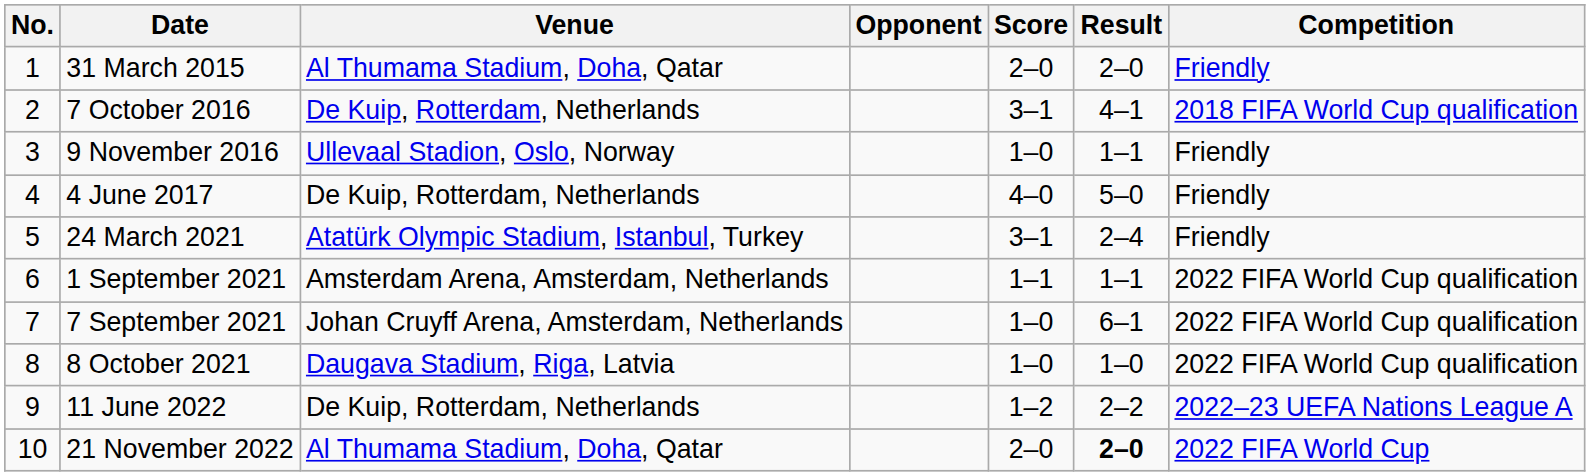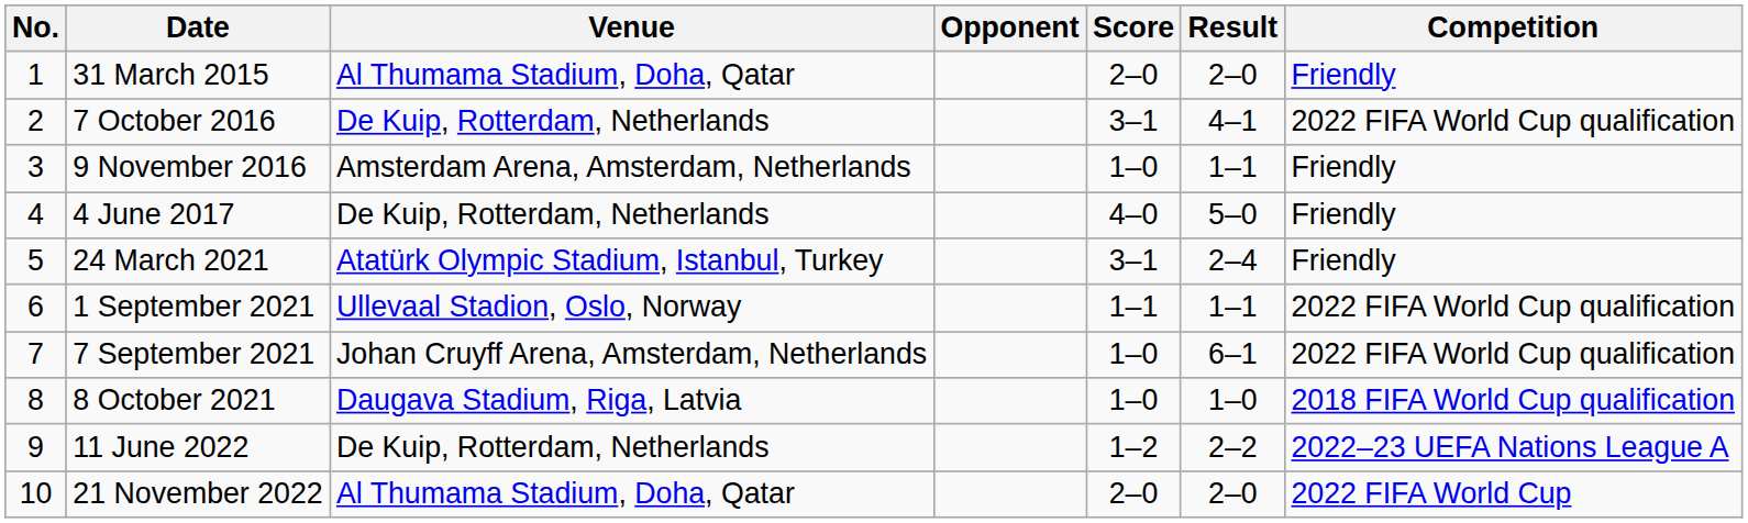 <table class="wikitable sortable">
 <tr>
 <th scope="col">No.</th>
 <th scope="col">Date</th>
 <th scope="col">Venue</th>
 <th scope="col">Opponent</th>
 <th scope="col">Score</th>
 <th scope="col">Result</th>
 <th scope="col">Competition</th>
 </tr>
 <tr>
 <td align="center">1</td>
 <td>31 March 2015</td>
 <td><a href='#'>Al Thumama Stadium</a>, <a href='#'>Doha</a>, Qatar</td>
 <td></td>
 <td align="center">2–0</td>
 <td align="center">2–0</td>
 <td><a href='#'>Friendly</a></td>
 </tr>
 <tr>
 <td align="center">2</td>
 <td>7 October 2016</td>
 <td><a href='#'>De Kuip</a>, <a href='#'>Rotterdam</a>, Netherlands</td>
 <td></td>
 <td align="center">3–1</td>
 <td align="center">4–1</td>
-<td><a href='#'>2018 FIFA World Cup qualification</a></td>
+<td>2022 FIFA World Cup qualification</td>
 </tr>
 <tr>
 <td align="center">3</td>
 <td>9 November 2016</td>
-<td><a href='#'>Ullevaal Stadion</a>, <a href='#'>Oslo</a>, Norway</td>
+<td>Amsterdam Arena, Amsterdam, Netherlands</td>
 <td></td>
 <td align="center">1–0</td>
 <td align="center">1–1</td>
 <td>Friendly</td>
 </tr>
 <tr>
 <td align="center">4</td>
 <td>4 June 2017</td>
 <td>De Kuip, Rotterdam, Netherlands</td>
 <td></td>
 <td align="center">4–0</td>
 <td align="center">5–0</td>
 <td>Friendly</td>
 </tr>
 <tr>
 <td align="center">5</td>
 <td>24 March 2021</td>
 <td><a href='#'>Atatürk Olympic Stadium</a>, <a href='#'>Istanbul</a>, Turkey</td>
 <td></td>
 <td align="center">3–1</td>
 <td align="center">2–4</td>
 <td>Friendly</td>
 </tr>
 <tr>
 <td align="center">6</td>
 <td>1 September 2021</td>
-<td>Amsterdam Arena, Amsterdam, Netherlands</td>
+<td><a href='#'>Ullevaal Stadion</a>, <a href='#'>Oslo</a>, Norway</td>
 <td></td>
 <td align="center">1–1</td>
 <td align="center">1–1</td>
 <td>2022 FIFA World Cup qualification</td>
 </tr>
 <tr>
 <td align="center">7</td>
 <td>7 September 2021</td>
 <td>Johan Cruyff Arena, Amsterdam, Netherlands</td>
 <td></td>
 <td align="center">1–0</td>
 <td align="center">6–1</td>
 <td>2022 FIFA World Cup qualification</td>
 </tr>
 <tr>
 <td align="center">8</td>
 <td>8 October 2021</td>
 <td><a href='#'>Daugava Stadium</a>, <a href='#'>Riga</a>, Latvia</td>
 <td></td>
 <td align="center">1–0</td>
 <td align="center">1–0</td>
-<td>2022 FIFA World Cup qualification</td>
+<td><a href='#'>2018 FIFA World Cup qualification</a></td>
 </tr>
 <tr>
 <td align="center">9</td>
 <td>11 June 2022</td>
 <td>De Kuip, Rotterdam, Netherlands</td>
 <td></td>
 <td align="center">1–2</td>
 <td align="center">2–2</td>
 <td><a href='#'>2022–23 UEFA Nations League A</a></td>
 </tr>
 <tr>
 <td align="center">10</td>
 <td>21 November 2022</td>
 <td><a href='#'>Al Thumama Stadium</a>, <a href='#'>Doha</a>, Qatar</td>
 <td></td>
 <td align="center">2–0</td>
-<td align="center"><strong>2–0</strong></td>
+<td align="center">2–0</td>
 <td><a href='#'>2022 FIFA World Cup</a></td>
 </tr>
 </table>
